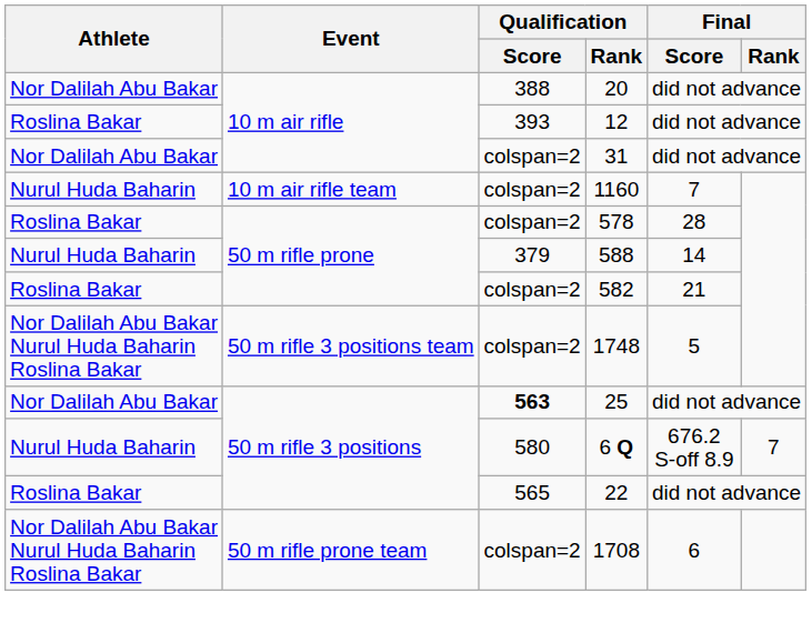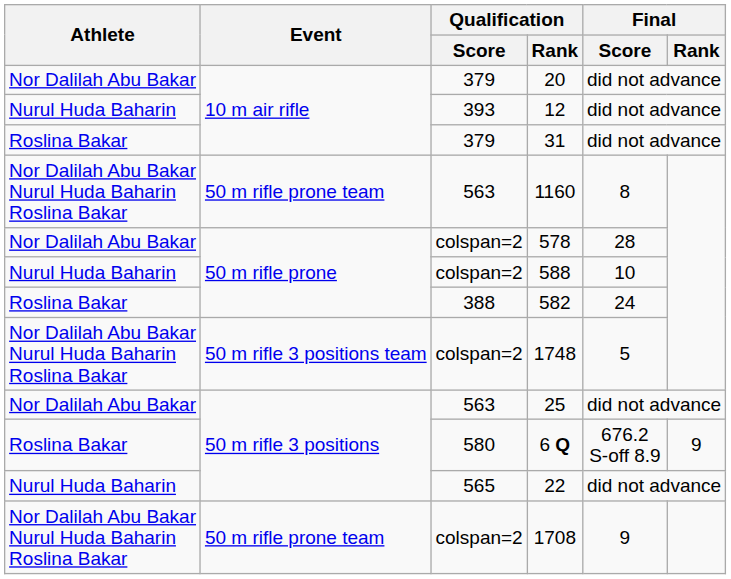 <table class=wikitable style="text-align:center; font-size:90%">
 <tr>
 <th rowspan=2>Athlete</th>
 <th rowspan=2>Event</th>
 <th colspan=2>Qualification</th>
 <th colspan=2>Final</th>
 </tr>
 <tr>
 <th>Score</th>
 <th>Rank</th>
 <th>Score</th>
 <th>Rank</th>
 </tr>
 <tr>
 <td align=left><a href='#'>Nor Dalilah Abu Bakar</a></td>
 <td rowspan=3 align=left><a href='#'>10 m air rifle</a></td>
-<td>388</td>
+<td>379</td>
 <td>20</td>
 <td colspan=2>did not advance</td>
 </tr>
 <tr>
-<td align=left><a href='#'>Roslina Bakar</a></td>
+<td align=left><a href='#'>Nurul Huda Baharin</a></td>
 <td>393</td>
 <td>12</td>
 <td colspan=2>did not advance</td>
 </tr>
 <tr>
-<td align=left><a href='#'>Nor Dalilah Abu Bakar</a></td>
-<td>colspan=2 </td>
+<td align=left><a href='#'>Roslina Bakar</a></td>
+<td>379</td>
 <td>31</td>
 <td colspan=2>did not advance</td>
 </tr>
 <tr>
-<td align=left><a href='#'>Nurul Huda Baharin</a></td>
-<td align=left><a href='#'>10 m air rifle team</a></td>
-<td>colspan=2 </td>
+<td align=left><a href='#'>Nor Dalilah Abu Bakar</a><br><a href='#'>Nurul Huda Baharin</a><br><a href='#'>Roslina Bakar</a></td>
+<td align=left><a href='#'>50 m rifle prone team</a></td>
+<td>563</td>
 <td>1160</td>
-<td>7</td>
+<td>8</td>
 </tr>
 <tr>
-<td align=left><a href='#'>Roslina Bakar</a></td>
+<td align=left><a href='#'>Nor Dalilah Abu Bakar</a></td>
 <td rowspan=3 align=left><a href='#'>50 m rifle prone</a></td>
 <td>colspan=2 </td>
 <td>578</td>
 <td>28</td>
 </tr>
 <tr>
 <td align=left><a href='#'>Nurul Huda Baharin</a></td>
-<td>379</td>
+<td>colspan=2 </td>
 <td>588</td>
-<td>14</td>
+<td>10</td>
 </tr>
 <tr>
 <td align=left><a href='#'>Roslina Bakar</a></td>
-<td>colspan=2 </td>
+<td>388</td>
 <td>582</td>
-<td>21</td>
+<td>24</td>
 </tr>
 <tr>
 <td align=left><a href='#'>Nor Dalilah Abu Bakar</a><br><a href='#'>Nurul Huda Baharin</a><br><a href='#'>Roslina Bakar</a></td>
 <td align=left><a href='#'>50 m rifle 3 positions team</a></td>
 <td>colspan=2 </td>
 <td>1748</td>
 <td>5</td>
 </tr>
 <tr>
 <td align=left><a href='#'>Nor Dalilah Abu Bakar</a></td>
 <td rowspan=3 align=left><a href='#'>50 m rifle 3 positions</a></td>
-<td><strong>563</strong></td>
+<td>563</td>
 <td>25</td>
 <td colspan=2>did not advance</td>
 </tr>
 <tr>
-<td align=left><a href='#'>Nurul Huda Baharin</a></td>
+<td align=left><a href='#'>Roslina Bakar</a></td>
 <td>580</td>
 <td>6 <strong>Q</strong></td>
 <td>676.2<br>S-off 8.9</td>
-<td>7</td>
+<td>9</td>
 </tr>
 <tr>
-<td align=left><a href='#'>Roslina Bakar</a></td>
+<td align=left><a href='#'>Nurul Huda Baharin</a></td>
 <td>565</td>
 <td>22</td>
 <td colspan=2>did not advance</td>
 </tr>
 <tr>
 <td align=left><a href='#'>Nor Dalilah Abu Bakar</a><br><a href='#'>Nurul Huda Baharin</a><br><a href='#'>Roslina Bakar</a></td>
 <td align=left><a href='#'>50 m rifle prone team</a></td>
 <td>colspan=2 </td>
 <td>1708</td>
-<td>6</td>
+<td>9</td>
 </tr>
 </table>
